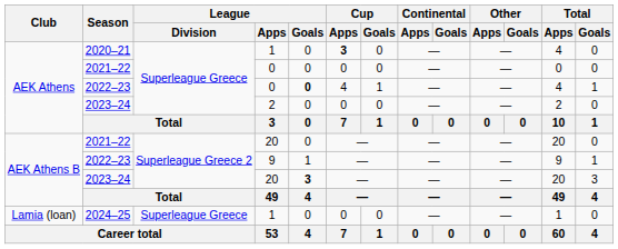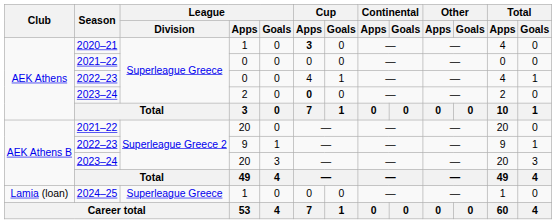 <table class=wikitable style=text-align:center>
 <tr>
 <th rowspan=2>Club</th>
 <th rowspan=2>Season</th>
 <th colspan=3>League</th>
 <th colspan=2>Cup</th>
 <th colspan=2>Continental</th>
 <th colspan=2>Other</th>
 <th colspan=2>Total</th>
 </tr>
 <tr>
 <th>Division</th>
 <th>Apps</th>
 <th>Goals</th>
 <th>Apps</th>
 <th>Goals</th>
 <th>Apps</th>
 <th>Goals</th>
 <th>Apps</th>
 <th>Goals</th>
 <th>Apps</th>
 <th>Goals</th>
 </tr>
 <tr>
 <td rowspan="5"><a href='#'>AEK Athens</a></td>
 <td><a href='#'>2020–21</a></td>
 <td rowspan="4"><a href='#'>Superleague Greece</a></td>
 <td>1</td>
 <td>0</td>
 <td><strong>3</strong></td>
 <td>0</td>
 <td colspan="2">—</td>
 <td colspan="2">—</td>
 <td>4</td>
 <td>0</td>
 </tr>
 <tr>
 <td><a href='#'>2021–22</a></td>
 <td>0</td>
 <td>0</td>
 <td>0</td>
 <td>0</td>
 <td colspan="2">—</td>
 <td colspan="2">—</td>
 <td>0</td>
 <td>0</td>
 </tr>
 <tr>
 <td><a href='#'>2022–23</a></td>
 <td>0</td>
-<td><strong>0</strong></td>
+<td>0</td>
 <td>4</td>
 <td>1</td>
 <td colspan="2">—</td>
 <td colspan="2">—</td>
 <td>4</td>
 <td>1</td>
 </tr>
 <tr>
 <td><a href='#'>2023–24</a></td>
 <td>2</td>
 <td>0</td>
-<td>0</td>
+<td><strong>0</strong></td>
 <td>0</td>
 <td colspan="2">—</td>
 <td colspan="2">—</td>
 <td>2</td>
 <td>0</td>
 </tr>
 <tr>
 <th colspan="2">Total</th>
 <th>3</th>
 <th>0</th>
 <th>7</th>
 <th>1</th>
 <th>0</th>
 <th>0</th>
 <th>0</th>
 <th>0</th>
 <th>10</th>
 <th>1</th>
 </tr>
 <tr>
 <td rowspan="4"><a href='#'>AEK Athens B</a></td>
 <td><a href='#'>2021–22</a></td>
 <td rowspan="3"><a href='#'>Superleague Greece 2</a></td>
 <td>20</td>
 <td>0</td>
 <td colspan="2">—</td>
 <td colspan="2">—</td>
 <td colspan="2">—</td>
 <td>20</td>
 <td>0</td>
 </tr>
 <tr>
 <td><a href='#'>2022–23</a></td>
 <td>9</td>
 <td>1</td>
 <td colspan="2">—</td>
 <td colspan="2">—</td>
 <td colspan="2">—</td>
 <td>9</td>
 <td>1</td>
 </tr>
 <tr>
 <td><a href='#'>2023–24</a></td>
 <td>20</td>
-<td><strong>3</strong></td>
+<td>3</td>
 <td colspan="2">—</td>
 <td colspan="2">—</td>
 <td colspan="2">—</td>
 <td>20</td>
 <td>3</td>
 </tr>
 <tr>
 <th colspan="2">Total</th>
 <th>49</th>
 <th>4</th>
 <th colspan="2">—</th>
 <th colspan="2">—</th>
 <th colspan="2">—</th>
 <th>49</th>
 <th>4</th>
 </tr>
 <tr>
 <td><a href='#'>Lamia</a> (loan)</td>
 <td><a href='#'>2024–25</a></td>
 <td><a href='#'>Superleague Greece</a></td>
 <td>1</td>
 <td>0</td>
 <td>0</td>
 <td>0</td>
 <td colspan="2">—</td>
 <td colspan="2">—</td>
 <td>1</td>
 <td>0</td>
 </tr>
 <tr>
 <th colspan="3">Career total</th>
 <th>53</th>
 <th>4</th>
 <th>7</th>
 <th>1</th>
 <th>0</th>
 <th>0</th>
 <th>0</th>
 <th>0</th>
 <th>60</th>
 <th>4</th>
 </tr>
 </table>
